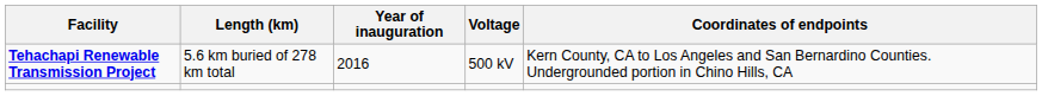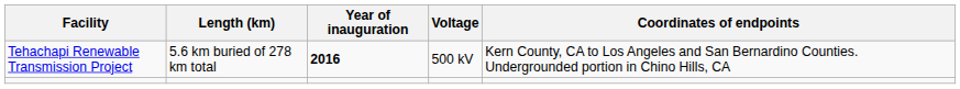 <table class="wikitable sortable" width="90%">
 <tr bgcolor="#dfdfdf">
 <th width="17%">Facility</th>
 <th>Length (km)</th>
 <th>Year of inauguration</th>
 <th>Voltage</th>
 <th>Coordinates of endpoints</th>
 </tr>
 <tr>
-<td><strong><a href='#'>Tehachapi Renewable Transmission Project</a></strong></td>
+<td><a href='#'>Tehachapi Renewable Transmission Project</a></td>
 <td>5.6 km buried of 278 km total</td>
-<td>2016</td>
+<td><strong>2016</strong></td>
 <td>500 kV</td>
 <td>Kern County, CA to Los Angeles and San Bernardino Counties. Undergrounded portion in Chino Hills, CA</td>
 </tr>
 <tr>
 <td></td>
 <td></td>
 <td></td>
 <td></td>
 <td></td>
 </tr>
 </table>
